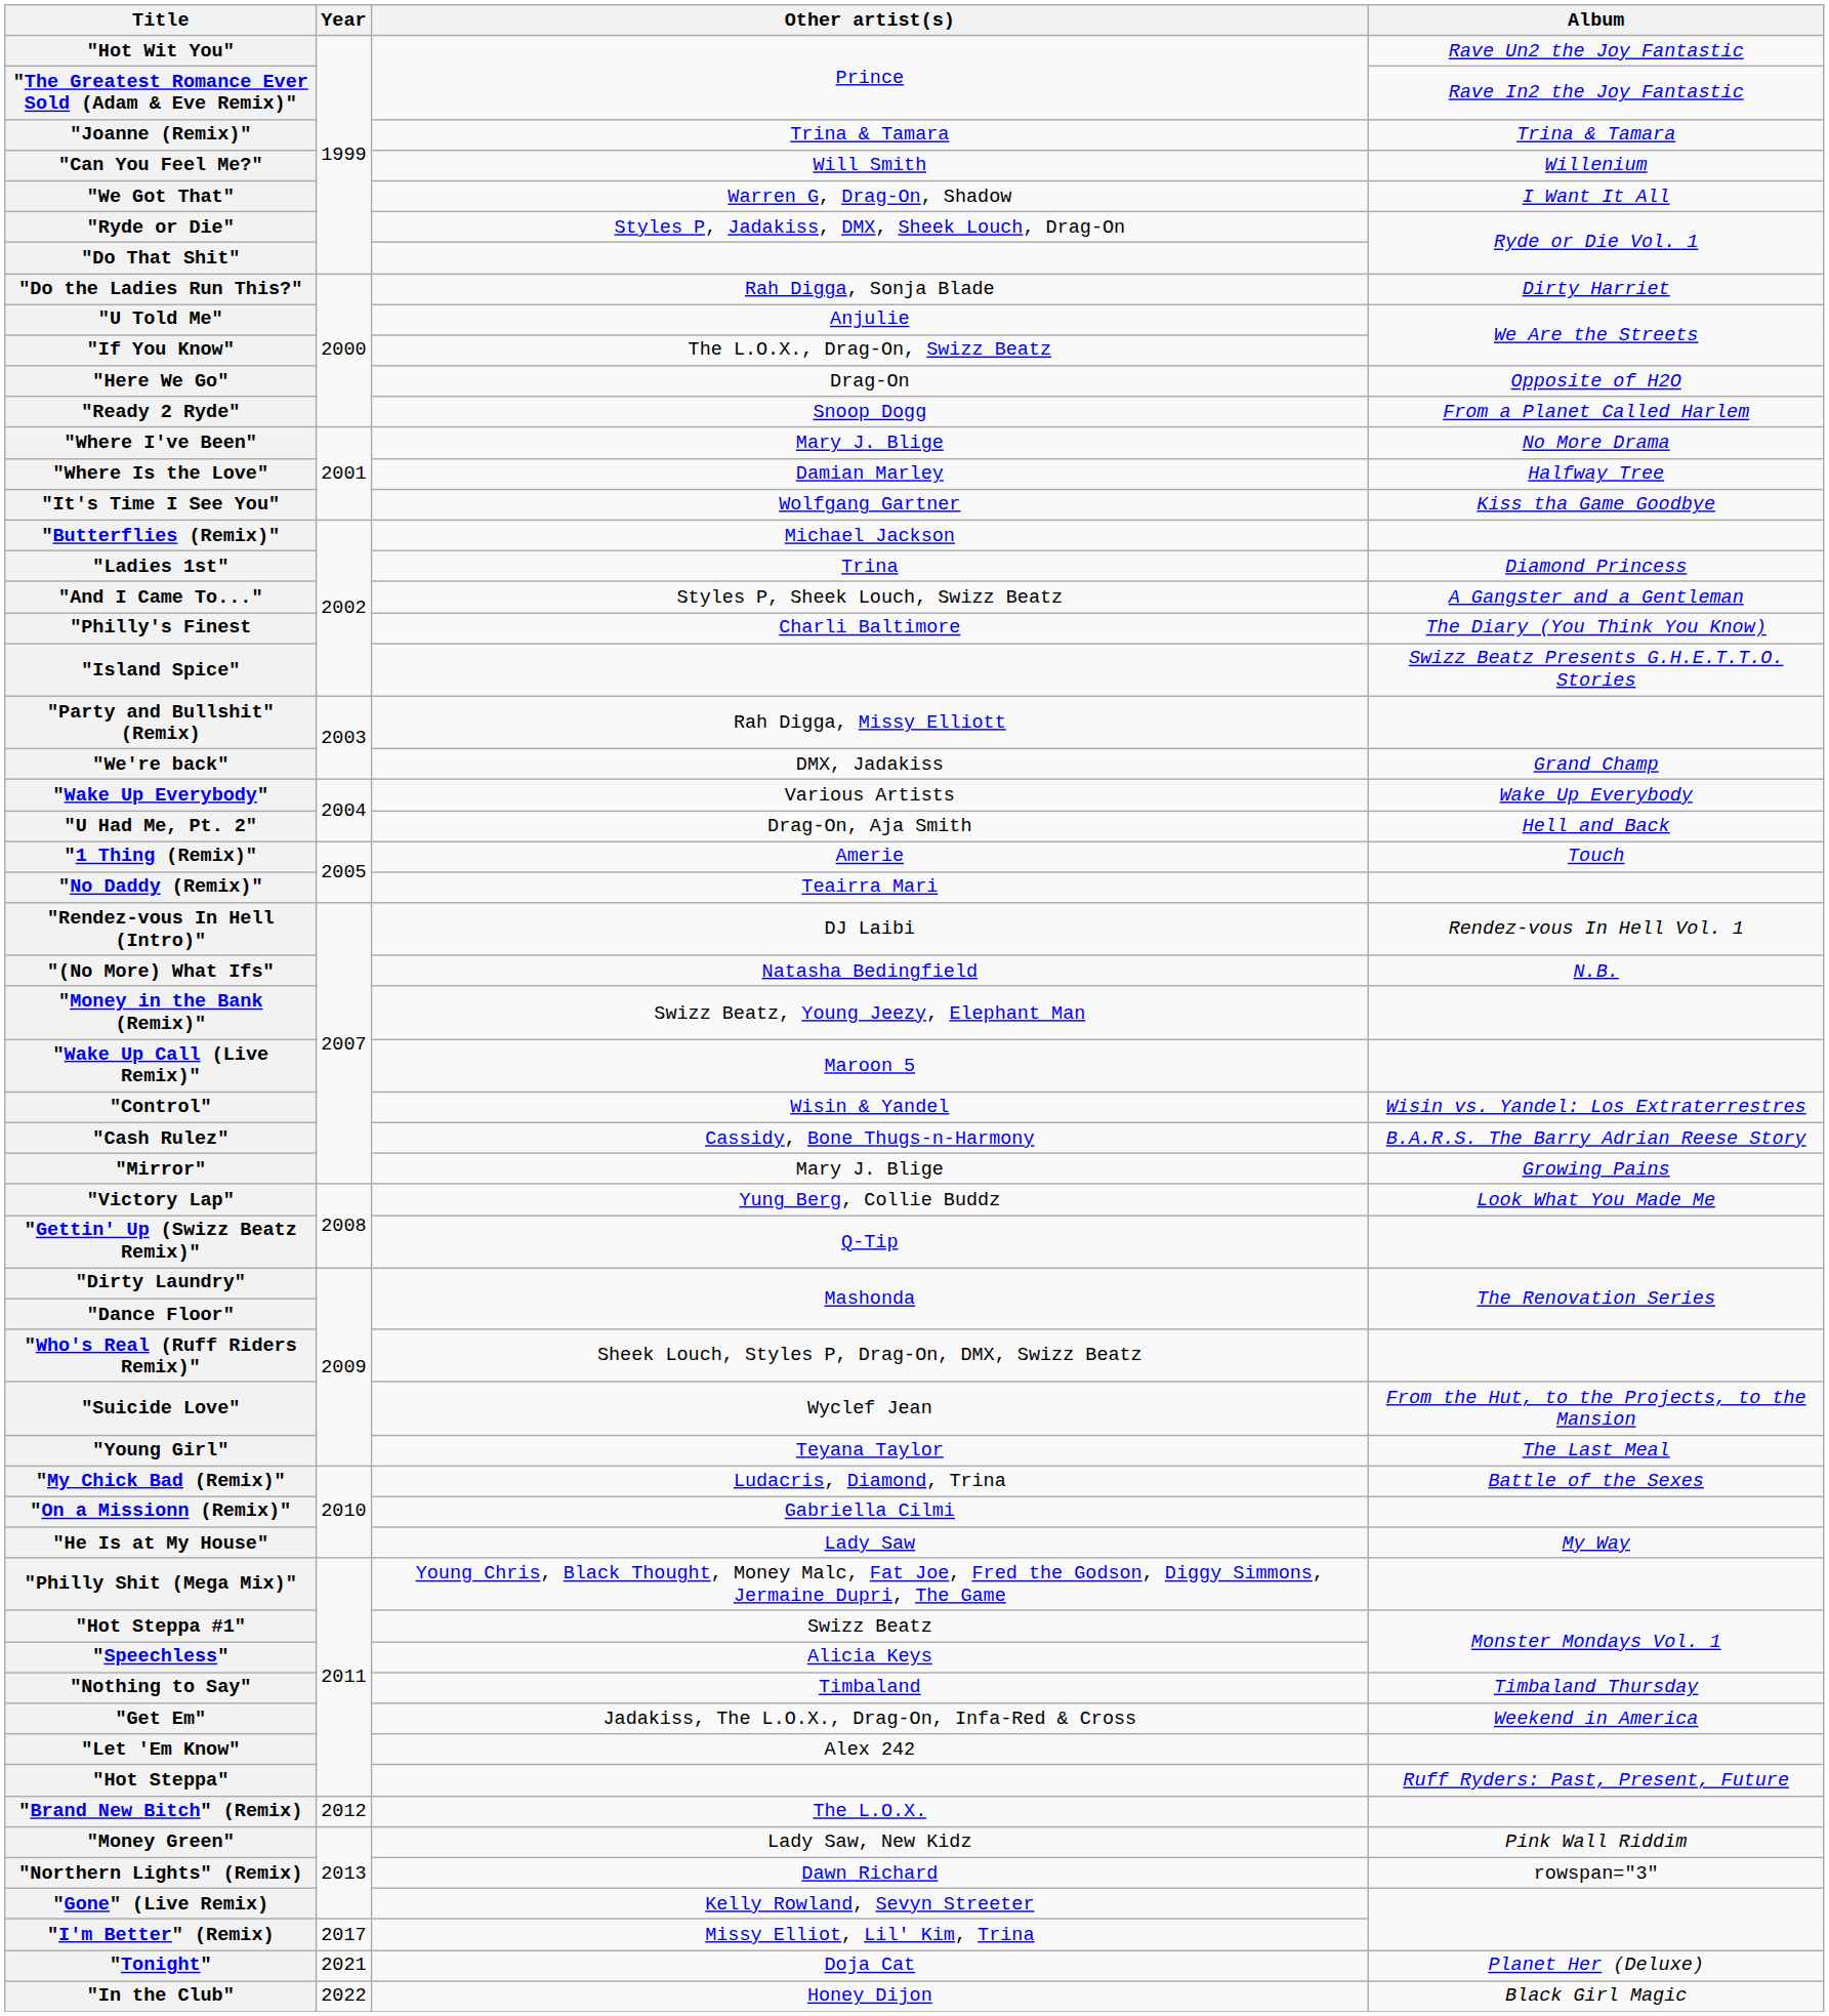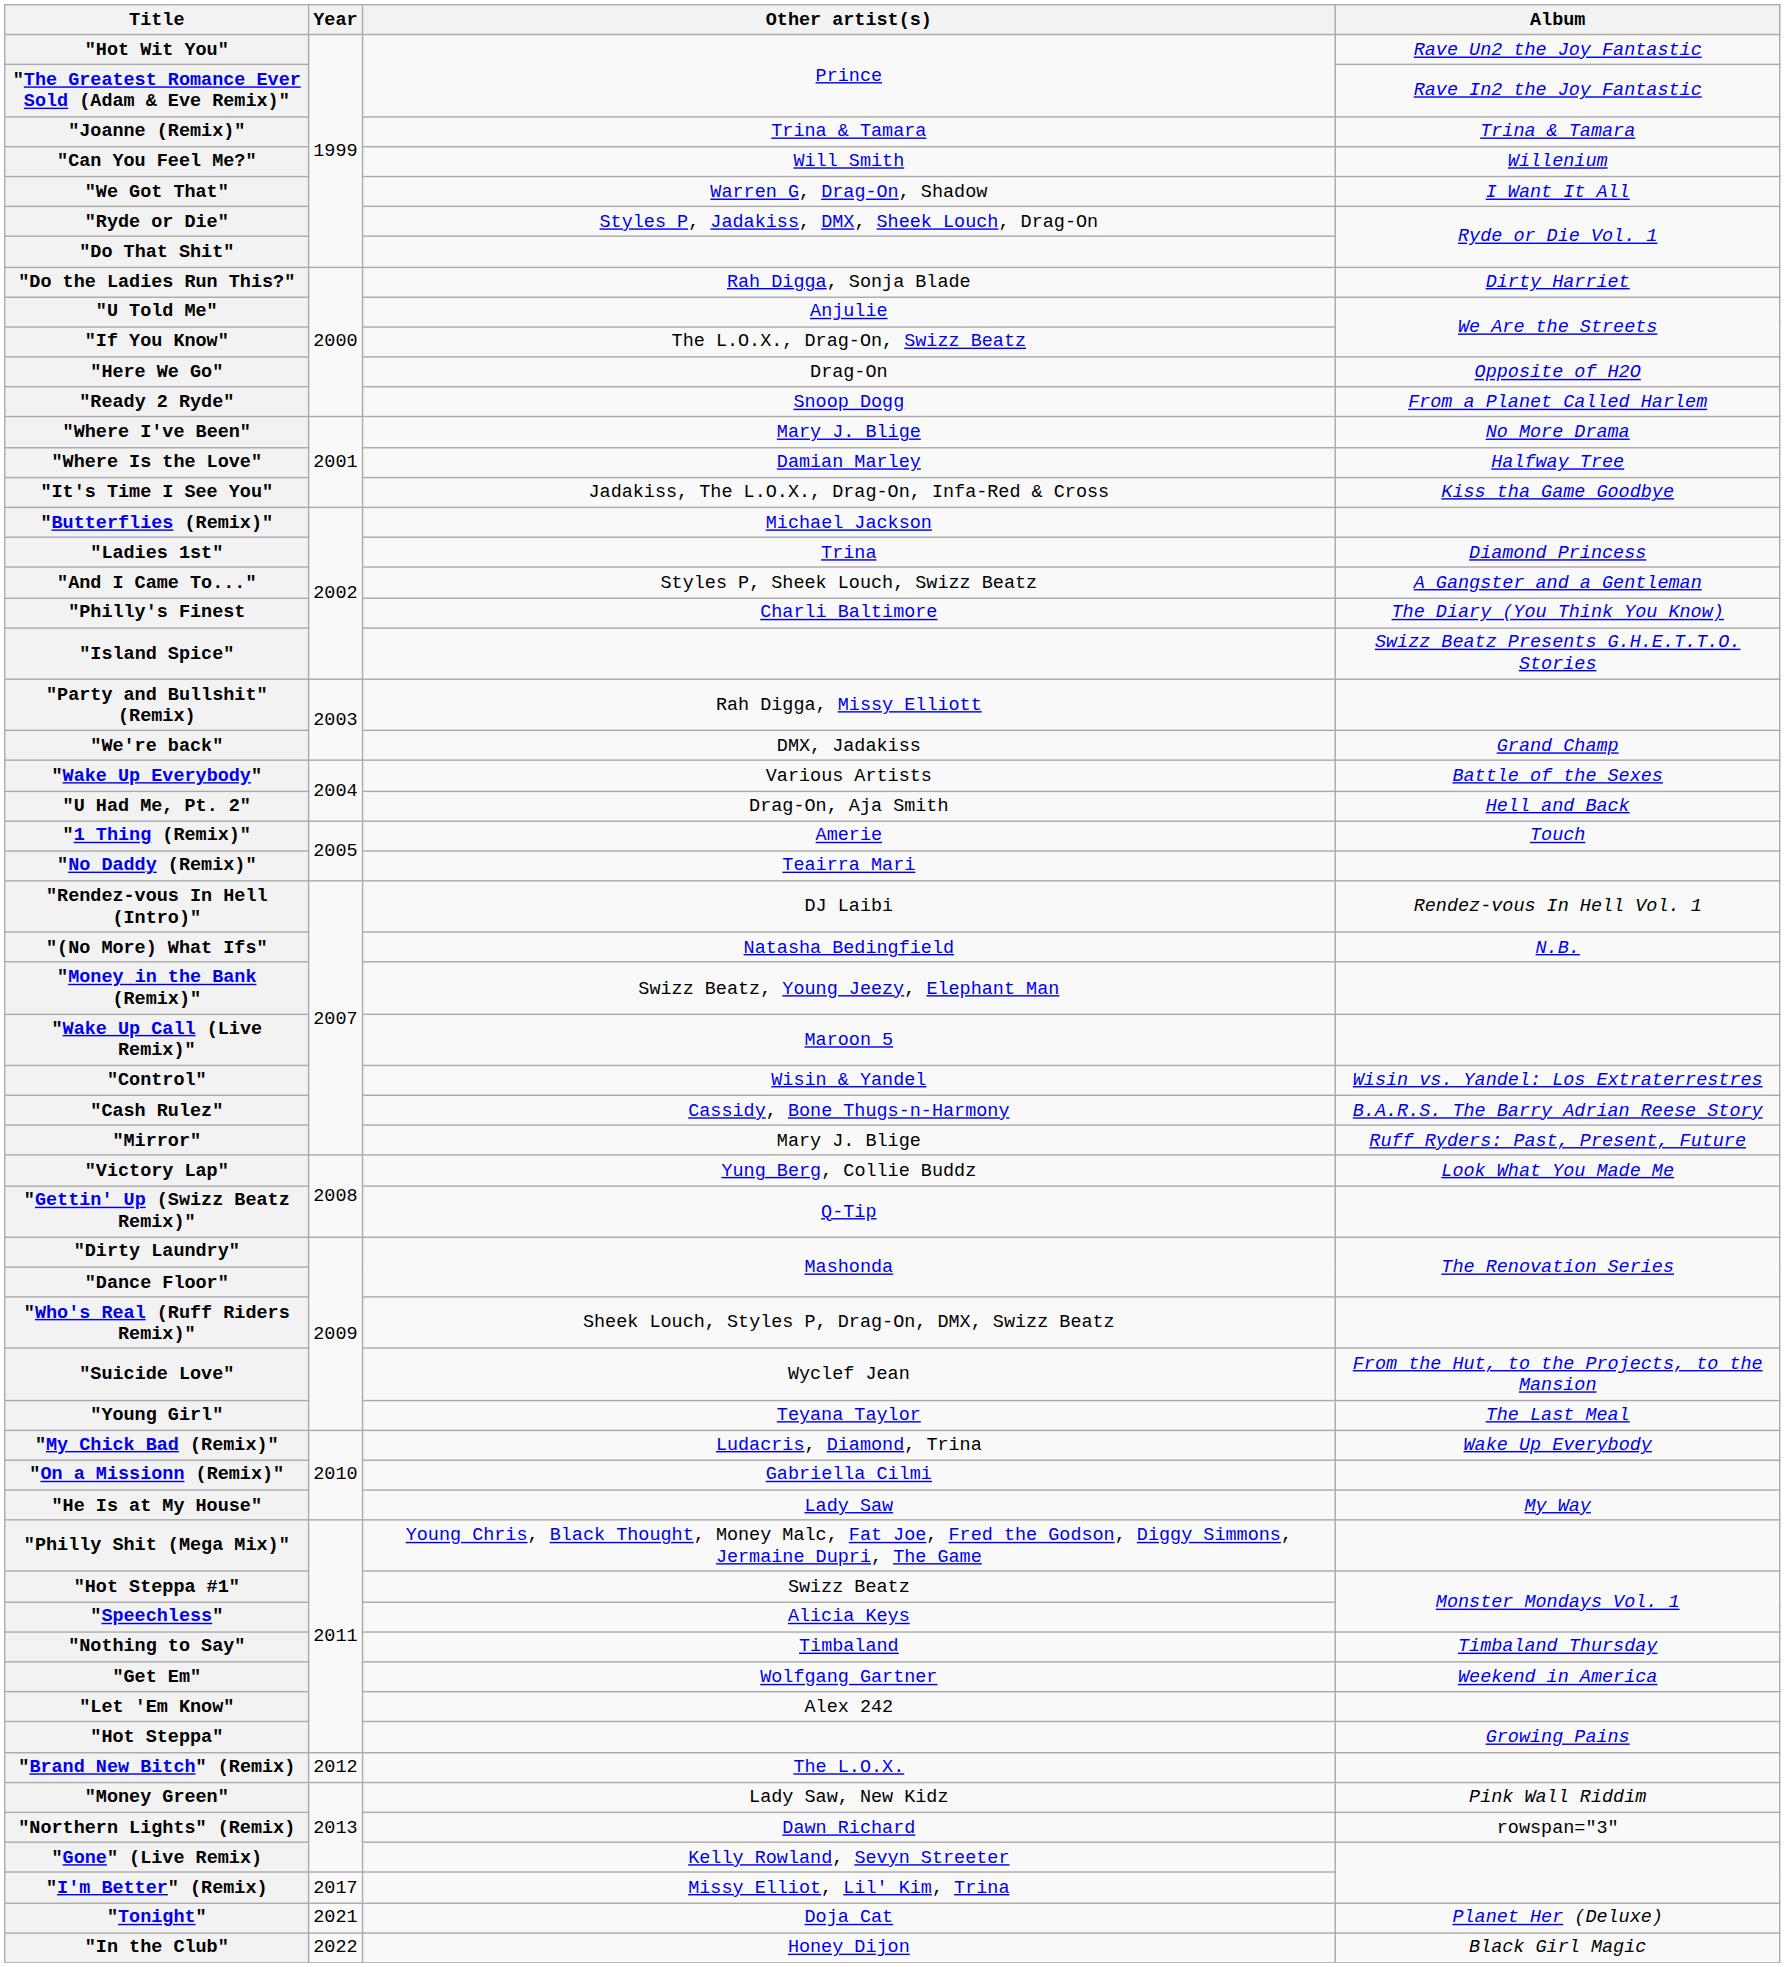 <table class="wikitable plainrowheaders" style="text-align:center;">
 <tr>
 <th scope="col" style="width:16em;">Title</th>
 <th scope="col">Year</th>
 <th scope="col">Other artist(s)</th>
 <th scope="col">Album</th>
 </tr>
 <tr>
 <th scope="row">"Hot Wit You"</th>
 <td rowspan="7">1999</td>
 <td rowspan="2"><a href='#'>Prince</a></td>
 <td><em><a href='#'>Rave Un2 the Joy Fantastic</a></em></td>
 </tr>
 <tr>
 <th scope="row">"<a href='#'>The Greatest Romance Ever Sold</a> (Adam & Eve Remix)"</th>
 <td><em><a href='#'>Rave In2 the Joy Fantastic</a></em></td>
 </tr>
 <tr>
 <th scope="row">"Joanne (Remix)"</th>
 <td><a href='#'>Trina & Tamara</a></td>
 <td><em><a href='#'>Trina & Tamara</a></em></td>
 </tr>
 <tr>
 <th scope="row">"Can You Feel Me?"</th>
 <td><a href='#'>Will Smith</a></td>
 <td><em><a href='#'>Willenium</a></em></td>
 </tr>
 <tr>
 <th scope="row">"We Got That"</th>
 <td><a href='#'>Warren G</a>, <a href='#'>Drag-On</a>, Shadow</td>
 <td><em><a href='#'>I Want It All</a></em></td>
 </tr>
 <tr>
 <th scope="row">"Ryde or Die"</th>
 <td><a href='#'>Styles P</a>, <a href='#'>Jadakiss</a>, <a href='#'>DMX</a>, <a href='#'>Sheek Louch</a>, Drag-On</td>
 <td rowspan="2"><em><a href='#'>Ryde or Die Vol. 1</a></em></td>
 </tr>
 <tr>
 <th scope="row">"Do That Shit"</th>
 <td></td>
 </tr>
 <tr>
 <th scope="row">"Do the Ladies Run This?"</th>
 <td rowspan="5">2000</td>
 <td><a href='#'>Rah Digga</a>, Sonja Blade</td>
 <td><em><a href='#'>Dirty Harriet</a></em></td>
 </tr>
 <tr>
 <th scope="row">"U Told Me"</th>
 <td><a href='#'>Anjulie</a></td>
 <td rowspan="2"><em><a href='#'>We Are the Streets</a></em></td>
 </tr>
 <tr>
 <th scope="row">"If You Know"</th>
 <td>The L.O.X., Drag-On, <a href='#'>Swizz Beatz</a></td>
 </tr>
 <tr>
 <th scope="row">"Here We Go"</th>
 <td>Drag-On</td>
 <td><em><a href='#'>Opposite of H2O</a></em></td>
 </tr>
 <tr>
 <th scope="row">"Ready 2 Ryde"</th>
 <td><a href='#'>Snoop Dogg</a></td>
 <td><em><a href='#'>From a Planet Called Harlem</a></em></td>
 </tr>
 <tr>
 <th scope="row">"Where I've Been"</th>
 <td rowspan="3">2001</td>
 <td><a href='#'>Mary J. Blige</a></td>
 <td><em><a href='#'>No More Drama</a></em></td>
 </tr>
 <tr>
 <th scope="row">"Where Is the Love"</th>
 <td><a href='#'>Damian Marley</a></td>
 <td><em><a href='#'>Halfway Tree</a></em></td>
 </tr>
 <tr>
 <th scope="row">"It's Time I See You"</th>
-<td><a href='#'>Wolfgang Gartner</a></td>
+<td>Jadakiss, The L.O.X., Drag-On, Infa-Red & Cross</td>
 <td><em><a href='#'>Kiss tha Game Goodbye</a></em></td>
 </tr>
 <tr>
 <th scope="row">"<a href='#'>Butterflies</a> (Remix)"</th>
 <td rowspan="5">2002</td>
 <td><a href='#'>Michael Jackson</a></td>
 <td></td>
 </tr>
 <tr>
 <th scope="row">"Ladies 1st"</th>
 <td><a href='#'>Trina</a></td>
 <td><em><a href='#'>Diamond Princess</a></em></td>
 </tr>
 <tr>
 <th scope="row">"And I Came To..."</th>
 <td>Styles P, Sheek Louch, Swizz Beatz</td>
 <td><em><a href='#'>A Gangster and a Gentleman</a></em></td>
 </tr>
 <tr>
 <th scope="row">"Philly's Finest</th>
 <td><a href='#'>Charli Baltimore</a></td>
 <td><em><a href='#'>The Diary (You Think You Know)</a></em></td>
 </tr>
 <tr>
 <th scope="row">"Island Spice"</th>
 <td></td>
 <td><em><a href='#'>Swizz Beatz Presents G.H.E.T.T.O. Stories</a></em></td>
 </tr>
 <tr>
 <th scope="row">"Party and Bullshit" (Remix)</th>
 <td rowspan="2">2003</td>
 <td>Rah Digga, <a href='#'>Missy Elliott</a></td>
 <td></td>
 </tr>
 <tr>
 <th scope="row">"We're back"</th>
 <td>DMX, Jadakiss</td>
 <td><em><a href='#'>Grand Champ</a></em></td>
 </tr>
 <tr>
 <th scope="row">"<a href='#'>Wake Up Everybody</a>"</th>
 <td rowspan="2">2004</td>
 <td>Various Artists</td>
-<td><em><a href='#'>Wake Up Everybody</a></em></td>
+<td><em><a href='#'>Battle of the Sexes</a></em></td>
 </tr>
 <tr>
 <th scope="row">"U Had Me, Pt. 2"</th>
 <td>Drag-On, Aja Smith</td>
 <td><em><a href='#'>Hell and Back</a></em></td>
 </tr>
 <tr>
 <th scope="row">"<a href='#'>1 Thing</a> (Remix)"</th>
 <td rowspan="2">2005</td>
 <td><a href='#'>Amerie</a></td>
 <td><em><a href='#'>Touch</a></em></td>
 </tr>
 <tr>
 <th scope="row">"<a href='#'>No Daddy</a> (Remix)"</th>
 <td><a href='#'>Teairra Mari</a></td>
 <td></td>
 </tr>
 <tr>
 <th scope="row">"Rendez-vous In Hell (Intro)"</th>
 <td rowspan="7">2007</td>
 <td>DJ Laibi</td>
 <td><em>Rendez-vous In Hell Vol. 1</em></td>
 </tr>
 <tr>
 <th scope="row">"(No More) What Ifs"</th>
 <td><a href='#'>Natasha Bedingfield</a></td>
 <td><em><a href='#'>N.B.</a></em></td>
 </tr>
 <tr>
 <th scope="row">"<a href='#'>Money in the Bank</a> (Remix)"</th>
 <td>Swizz Beatz, <a href='#'>Young Jeezy</a>, <a href='#'>Elephant Man</a></td>
 <td></td>
 </tr>
 <tr>
 <th scope="row">"<a href='#'>Wake Up Call</a> (Live Remix)"</th>
 <td><a href='#'>Maroon 5</a></td>
 <td></td>
 </tr>
 <tr>
 <th scope="row">"Control"</th>
 <td><a href='#'>Wisin & Yandel</a></td>
 <td><em><a href='#'>Wisin vs. Yandel: Los Extraterrestres</a></em></td>
 </tr>
 <tr>
 <th scope="row">"Cash Rulez"</th>
 <td><a href='#'>Cassidy</a>, <a href='#'>Bone Thugs-n-Harmony</a></td>
 <td><em><a href='#'>B.A.R.S. The Barry Adrian Reese Story</a></em></td>
 </tr>
 <tr>
 <th scope="row">"Mirror"</th>
 <td>Mary J. Blige</td>
-<td><em><a href='#'>Growing Pains</a></em></td>
+<td><em><a href='#'>Ruff Ryders: Past, Present, Future</a></em></td>
 </tr>
 <tr>
 <th scope="row">"Victory Lap"</th>
 <td rowspan="2">2008</td>
 <td><a href='#'>Yung Berg</a>, Collie Buddz</td>
 <td><em><a href='#'>Look What You Made Me</a></em></td>
 </tr>
 <tr>
 <th scope="row">"<a href='#'>Gettin' Up</a> (Swizz Beatz Remix)"</th>
 <td><a href='#'>Q-Tip</a></td>
 <td></td>
 </tr>
 <tr>
 <th scope="row">"Dirty Laundry"</th>
 <td rowspan="5">2009</td>
 <td rowspan="2"><a href='#'>Mashonda</a></td>
 <td rowspan="2"><em><a href='#'>The Renovation Series</a></em></td>
 </tr>
 <tr>
 <th scope="row">"Dance Floor"</th>
 </tr>
 <tr>
 <th scope="row">"<a href='#'>Who's Real</a> (Ruff Riders Remix)"</th>
 <td>Sheek Louch, Styles P, Drag-On, DMX, Swizz Beatz</td>
 <td></td>
 </tr>
 <tr>
 <th scope="row">"Suicide Love"</th>
 <td>Wyclef Jean</td>
 <td><em><a href='#'>From the Hut, to the Projects, to the Mansion</a></em></td>
 </tr>
 <tr>
 <th scope="row">"Young Girl"</th>
 <td><a href='#'>Teyana Taylor</a></td>
 <td><em><a href='#'>The Last Meal</a></em></td>
 </tr>
 <tr>
 <th scope="row">"<a href='#'>My Chick Bad</a> (Remix)"</th>
 <td rowspan="3">2010</td>
 <td><a href='#'>Ludacris</a>, <a href='#'>Diamond</a>, Trina</td>
-<td><em><a href='#'>Battle of the Sexes</a></em></td>
+<td><em><a href='#'>Wake Up Everybody</a></em></td>
 </tr>
 <tr>
 <th scope="row">"<a href='#'>On a Missionn</a> (Remix)"</th>
 <td><a href='#'>Gabriella Cilmi</a></td>
 <td></td>
 </tr>
 <tr>
 <th scope="row">"He Is at My House"</th>
 <td><a href='#'>Lady Saw</a></td>
 <td><em><a href='#'>My Way</a></em></td>
 </tr>
 <tr>
 <th scope="row">"Philly Shit (Mega Mix)"</th>
 <td rowspan="7">2011</td>
 <td><a href='#'>Young Chris</a>, <a href='#'>Black Thought</a>, Money Malc, <a href='#'>Fat Joe</a>, <a href='#'>Fred the Godson</a>, <a href='#'>Diggy Simmons</a>, <a href='#'>Jermaine Dupri</a>, <a href='#'>The Game</a></td>
 <td></td>
 </tr>
 <tr>
 <th scope="row">"Hot Steppa #1"</th>
 <td>Swizz Beatz</td>
 <td rowspan="2"><em><a href='#'>Monster Mondays Vol. 1</a></em></td>
 </tr>
 <tr>
 <th scope="row">"<a href='#'>Speechless</a>"</th>
 <td><a href='#'>Alicia Keys</a></td>
 </tr>
 <tr>
 <th scope="row">"Nothing to Say"</th>
 <td><a href='#'>Timbaland</a></td>
 <td><em><a href='#'>Timbaland Thursday</a></em></td>
 </tr>
 <tr>
 <th scope="row">"Get Em"</th>
-<td>Jadakiss, The L.O.X., Drag-On, Infa-Red & Cross</td>
+<td><a href='#'>Wolfgang Gartner</a></td>
 <td><em><a href='#'>Weekend in America</a></em></td>
 </tr>
 <tr>
 <th scope="row">"Let 'Em Know"</th>
 <td>Alex 242</td>
 <td></td>
 </tr>
 <tr>
 <th scope="row">"Hot Steppa"</th>
 <td></td>
-<td><em><a href='#'>Ruff Ryders: Past, Present, Future</a></em></td>
+<td><em><a href='#'>Growing Pains</a></em></td>
 </tr>
 <tr>
 <th scope="row">"<a href='#'>Brand New Bitch</a>" (Remix)</th>
 <td>2012</td>
 <td><a href='#'>The L.O.X.</a></td>
 <td></td>
 </tr>
 <tr>
 <th scope="row">"Money Green"</th>
 <td rowspan="3">2013</td>
 <td>Lady Saw, New Kidz</td>
 <td><em>Pink Wall Riddim</em></td>
 </tr>
 <tr>
 <th scope="row">"Northern Lights" (Remix)</th>
 <td><a href='#'>Dawn Richard</a></td>
 <td>rowspan="3" </td>
 </tr>
 <tr>
 <th scope="row">"<a href='#'>Gone</a>" (Live Remix)</th>
 <td><a href='#'>Kelly Rowland</a>, <a href='#'>Sevyn Streeter</a></td>
 </tr>
 <tr>
 <th scope="row">"<a href='#'>I'm Better</a>" (Remix)</th>
 <td>2017</td>
 <td><a href='#'>Missy Elliot</a>, <a href='#'>Lil' Kim</a>, <a href='#'>Trina</a></td>
 </tr>
 <tr>
 <th scope="row">"<a href='#'>Tonight</a>"</th>
 <td>2021</td>
 <td><a href='#'>Doja Cat</a></td>
 <td><em><a href='#'>Planet Her</a> (Deluxe)</em></td>
 </tr>
 <tr>
 <th scope="row">"In the Club"</th>
 <td>2022</td>
 <td><a href='#'>Honey Dijon</a></td>
 <td><em>Black Girl Magic</em></td>
 </tr>
 </table>
